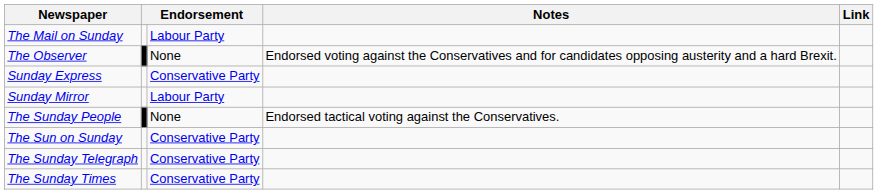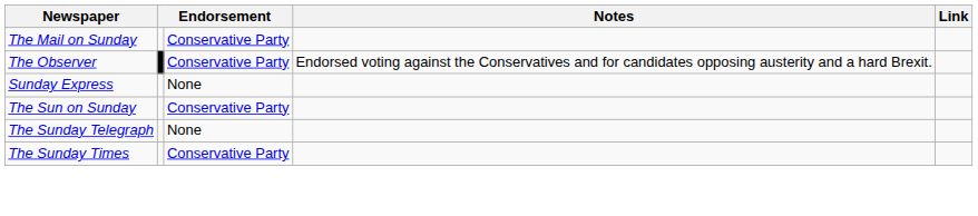 <table class="wikitable">
 <tr>
 <th>Newspaper</th>
 <th colspan=2>Endorsement</th>
 <th>Notes</th>
 <th>Link</th>
 </tr>
 <tr>
 <td><em><a href='#'>The Mail on Sunday</a></em></td>
 <td style="background-color: "></td>
-<td><a href='#'>Labour Party</a></td>
+<td><a href='#'>Conservative Party</a></td>
 <td></td>
 <td></td>
 </tr>
 <tr>
 <td><em><a href='#'>The Observer</a></em></td>
 <td style="background-color:black"></td>
-<td>None</td>
+<td><a href='#'>Conservative Party</a></td>
 <td>Endorsed voting against the Conservatives and for candidates opposing austerity and a hard Brexit.</td>
 <td></td>
 </tr>
 <tr>
 <td><em><a href='#'>Sunday Express</a></em></td>
 <td style="background-color: "></td>
-<td><a href='#'>Conservative Party</a></td>
+<td>None</td>
 <td></td>
-<td></td>
-</tr>
-<tr>
-<td><em><a href='#'>Sunday Mirror</a></em></td>
-<td style="background-color: "></td>
-<td><a href='#'>Labour Party</a></td>
-<td></td>
-<td></td>
-</tr>
-<tr>
-<td><em><a href='#'>The Sunday People</a></em></td>
-<td style="background-color:black"></td>
-<td>None</td>
-<td>Endorsed tactical voting against the Conservatives.</td>
 <td></td>
 </tr>
 <tr>
 <td><em><a href='#'>The Sun on Sunday</a></em></td>
 <td style="background-color: "></td>
 <td><a href='#'>Conservative Party</a></td>
 <td></td>
 <td></td>
 </tr>
 <tr>
 <td><em><a href='#'>The Sunday Telegraph</a></em></td>
 <td style="background-color: "></td>
-<td><a href='#'>Conservative Party</a></td>
+<td>None</td>
 <td></td>
 <td></td>
 </tr>
 <tr>
 <td><em><a href='#'>The Sunday Times</a></em></td>
 <td style="background-color: "></td>
 <td><a href='#'>Conservative Party</a></td>
 <td></td>
 <td></td>
 </tr>
 </table>
